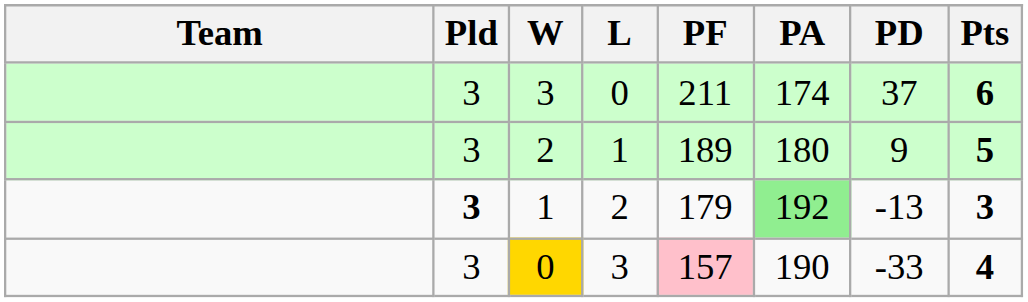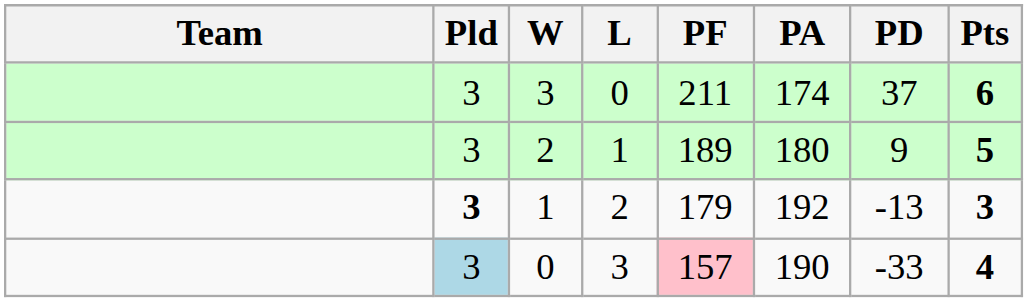 <table class=wikitable>
 <tr align=center>
 </tr>
 <tr>
 <th width=180>Team</th>
 <th width=25>Pld</th>
 <th width=25>W</th>
 <th width=25>L</th>
 <th width=35>PF</th>
 <th width=35>PA</th>
 <th width=35>PD</th>
 <th width=25>Pts</th>
 </tr>
 <tr align=center bgcolor="#ccffcc">
 <td align=left></td>
 <td>3</td>
 <td>3</td>
 <td>0</td>
 <td>211</td>
 <td>174</td>
 <td>37</td>
 <td><strong>6</strong></td>
 </tr>
 <tr align=center bgcolor="#ccffcc">
 <td align=left></td>
 <td>3</td>
 <td>2</td>
 <td>1</td>
 <td>189</td>
 <td>180</td>
 <td>9</td>
 <td><strong>5</strong></td>
 </tr>
 <tr align=center>
 <td align=left></td>
 <td><strong>3</strong></td>
 <td>1</td>
 <td>2</td>
 <td>179</td>
-<td style="background: lightgreen;">192</td>
+<td>192</td>
 <td>-13</td>
 <td><strong>3</strong></td>
 </tr>
 <tr align=center>
 <td align=left></td>
-<td>3</td>
-<td style="background: gold;">0</td>
+<td style="background: lightblue;">3</td>
+<td>0</td>
 <td>3</td>
 <td style="background: pink;">157</td>
 <td>190</td>
 <td>-33</td>
 <td><strong>4</strong></td>
 </tr>
 </table>
